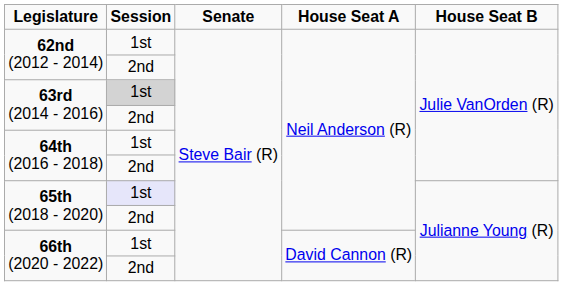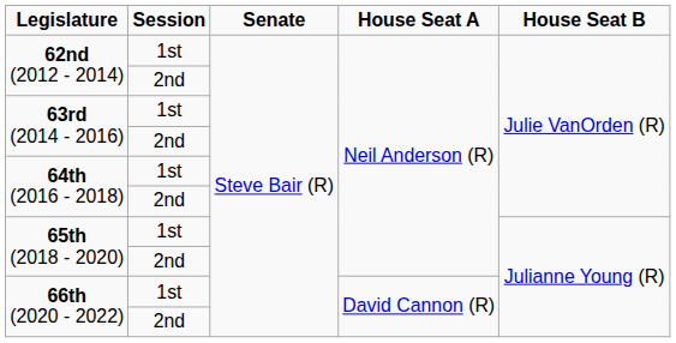 <table class=wikitable style="text-align:center">
 <tr>
 <td><strong>Legislature</strong></td>
 <td><strong>Session</strong></td>
 <td><strong>Senate</strong></td>
 <td><strong>House Seat A</strong></td>
 <td><strong>House Seat B</strong></td>
 </tr>
 <tr>
 <td rowspan="2" colspan="1" style="text-align: center;"><strong>62nd</strong> <br> (2012 - 2014)</td>
 <td>1st</td>
 <td rowspan="10" colspan="1" style="text-align: center;" ><a href='#'>Steve Bair</a> (R)</td>
 <td rowspan="8" colspan="1" style="text-align: center;" ><a href='#'>Neil Anderson</a> (R)</td>
 <td rowspan="6" colspan="1" style="text-align: center;" ><a href='#'>Julie VanOrden</a> (R)</td>
 </tr>
 <tr>
 <td>2nd</td>
 </tr>
 <tr>
 <td rowspan="2" colspan="1" style="text-align: center;"><strong>63rd</strong> <br> (2014 - 2016)</td>
-<td style="background: lightgrey;">1st</td>
+<td>1st</td>
 </tr>
 <tr>
 <td>2nd</td>
 </tr>
 <tr>
 <td rowspan="2" colspan="1" style="text-align: center;"><strong>64th</strong> <br> (2016 - 2018)</td>
 <td>1st</td>
 </tr>
 <tr>
 <td>2nd</td>
 </tr>
 <tr>
 <td rowspan="2" colspan="1" style="text-align: center;"><strong>65th</strong> <br> (2018 - 2020)</td>
-<td style="background: lavender;">1st</td>
+<td>1st</td>
 <td rowspan="4" colspan="1" style="text-align: center;" ><a href='#'>Julianne Young</a> (R)</td>
 </tr>
 <tr>
 <td>2nd</td>
 </tr>
 <tr>
 <td rowspan="2" colspan="1" style="text-align: center;"><strong>66th</strong> <br> (2020 - 2022)</td>
 <td>1st</td>
 <td rowspan="2" colspan="1" style="text-align: center;" ><a href='#'>David Cannon</a> (R)</td>
 </tr>
 <tr>
 <td>2nd</td>
 </tr>
 </table>
